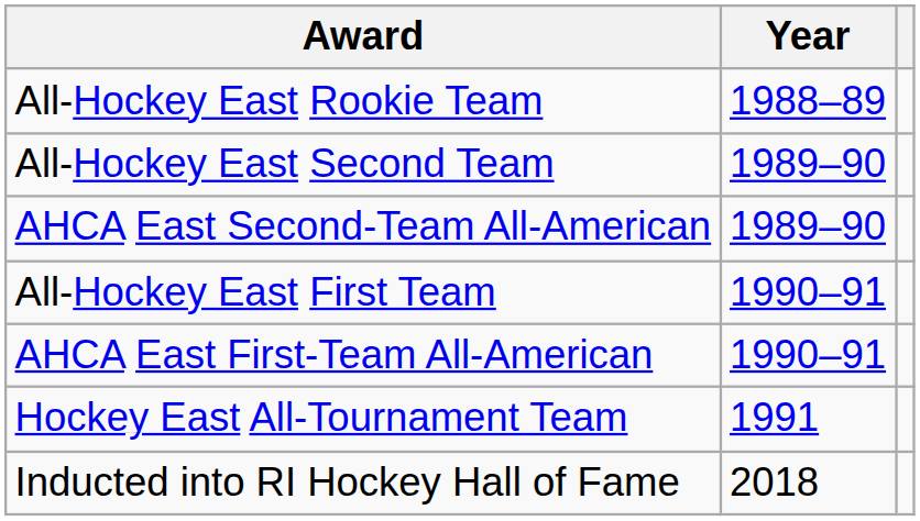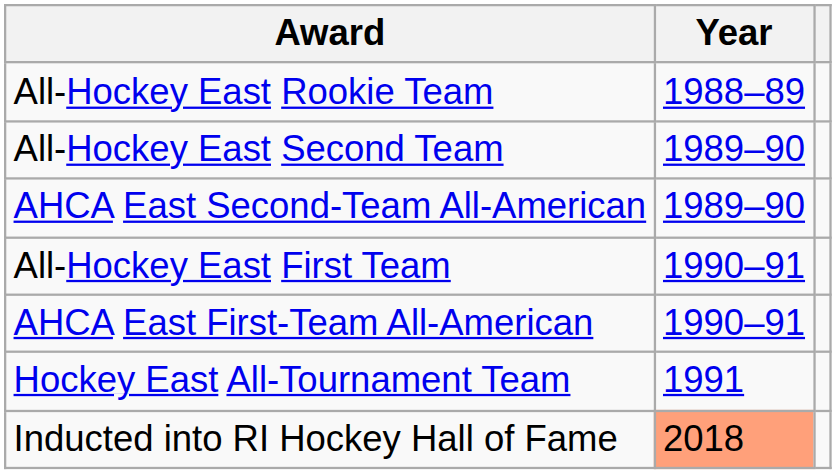 <table class="wikitable">
 <tr>
 <th>Award</th>
 <th>Year</th>
 <th></th>
 </tr>
 <tr>
 <td>All-<a href='#'>Hockey East</a> <a href='#'>Rookie Team</a></td>
 <td><a href='#'>1988–89</a></td>
 <td></td>
 </tr>
 <tr>
 <td>All-<a href='#'>Hockey East</a> <a href='#'>Second Team</a></td>
 <td><a href='#'>1989–90</a></td>
 <td></td>
 </tr>
 <tr>
 <td><a href='#'>AHCA</a> <a href='#'>East Second-Team All-American</a></td>
 <td><a href='#'>1989–90</a></td>
 <td></td>
 </tr>
 <tr>
 <td>All-<a href='#'>Hockey East</a> <a href='#'>First Team</a></td>
 <td><a href='#'>1990–91</a></td>
 <td></td>
 </tr>
 <tr>
 <td><a href='#'>AHCA</a> <a href='#'>East First-Team All-American</a></td>
 <td><a href='#'>1990–91</a></td>
 <td></td>
 </tr>
 <tr>
 <td><a href='#'>Hockey East</a> <a href='#'>All-Tournament Team</a></td>
 <td><a href='#'>1991</a></td>
 <td></td>
 </tr>
 <tr>
 <td>Inducted into RI Hockey Hall of Fame</td>
-<td>2018</td>
+<td style="background: lightsalmon;">2018</td>
 </tr>
 </table>
